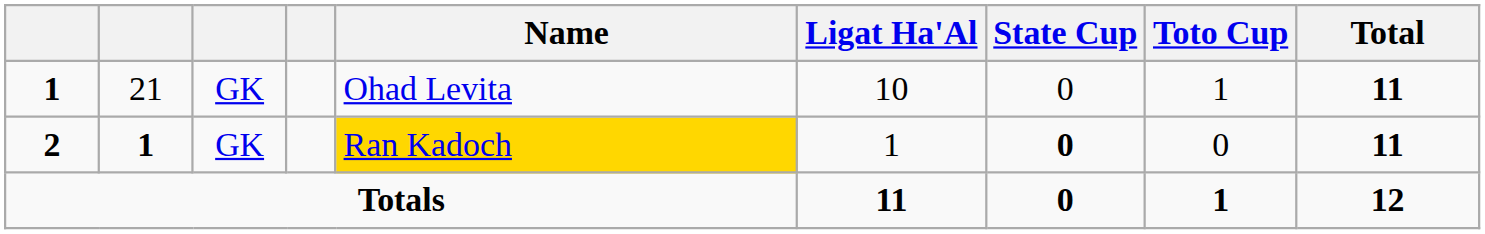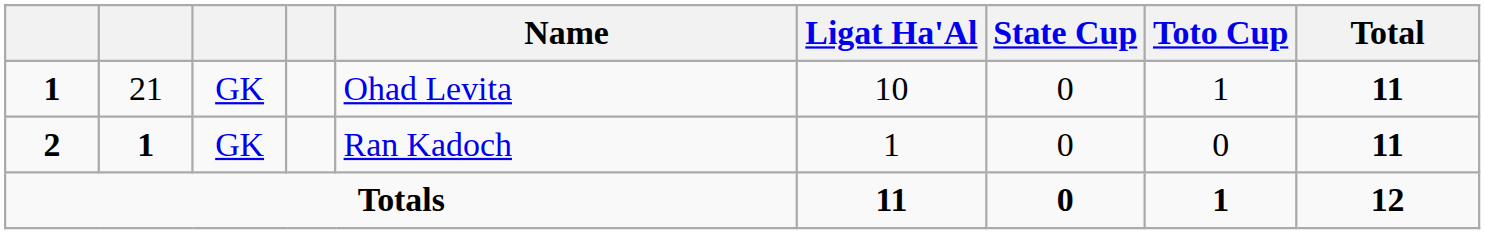 <table class="wikitable sortable" style="font-size: 95%; text-align: center;">
 <tr>
 <th width=35></th>
 <th width=35></th>
 <th width=35></th>
 <th width=15></th>
 <th width=200>Name</th>
 <th><a href='#'>Ligat Ha'Al</a></th>
 <th><a href='#'>State Cup</a></th>
 <th><a href='#'>Toto Cup</a></th>
 <th width= 75>Total</th>
 </tr>
 <tr>
 <td><strong>1</strong></td>
 <td>21</td>
 <td><a href='#'>GK</a></td>
 <td></td>
 <td align=left><a href='#'>Ohad Levita</a></td>
 <td>10</td>
 <td>0</td>
 <td>1</td>
 <td><strong>11</strong></td>
 </tr>
 <tr>
 <td><strong>2</strong></td>
 <td><strong>1</strong></td>
 <td><a href='#'>GK</a></td>
 <td></td>
-<td align=left style="background: gold;"><a href='#'>Ran Kadoch</a></td>
+<td align=left><a href='#'>Ran Kadoch</a></td>
 <td>1</td>
-<td><strong>0</strong></td>
+<td>0</td>
 <td>0</td>
 <td><strong>11</strong></td>
 </tr>
 <tr>
 <td colspan=5><strong>Totals</strong></td>
 <td><strong>11</strong></td>
 <td><strong>0</strong></td>
 <td><strong>1</strong></td>
 <td><strong>12</strong></td>
 </tr>
 </table>
